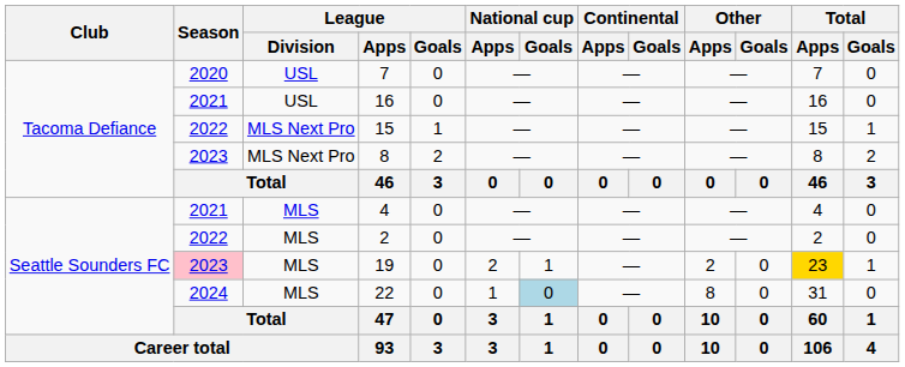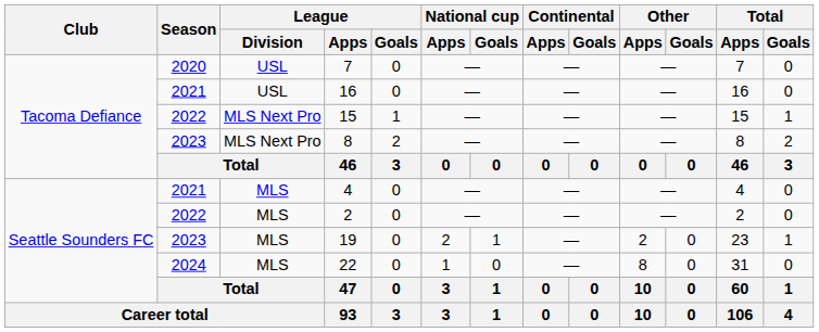 <table class="wikitable" style="text-align:center">
 <tr>
 <th rowspan="2">Club</th>
 <th rowspan="2">Season</th>
 <th colspan="3">League</th>
 <th colspan="2">National cup</th>
 <th colspan="2">Continental</th>
 <th colspan="2">Other</th>
 <th colspan="2">Total</th>
 </tr>
 <tr>
 <th>Division</th>
 <th>Apps</th>
 <th>Goals</th>
 <th>Apps</th>
 <th>Goals</th>
 <th>Apps</th>
 <th>Goals</th>
 <th>Apps</th>
 <th>Goals</th>
 <th>Apps</th>
 <th>Goals</th>
 </tr>
 <tr>
 <td rowspan="5"><a href='#'>Tacoma Defiance</a></td>
 <td><a href='#'>2020</a></td>
 <td><a href='#'>USL</a></td>
 <td>7</td>
 <td>0</td>
 <td colspan="2">—</td>
 <td colspan="2">—</td>
 <td colspan="2">—</td>
 <td>7</td>
 <td>0</td>
 </tr>
 <tr>
 <td><a href='#'>2021</a></td>
 <td>USL</td>
 <td>16</td>
 <td>0</td>
 <td colspan="2">—</td>
 <td colspan="2">—</td>
 <td colspan="2">—</td>
 <td>16</td>
 <td>0</td>
 </tr>
 <tr>
 <td><a href='#'>2022</a></td>
 <td><a href='#'>MLS Next Pro</a></td>
 <td>15</td>
 <td>1</td>
 <td colspan="2">—</td>
 <td colspan="2">—</td>
 <td colspan="2">—</td>
 <td>15</td>
 <td>1</td>
 </tr>
 <tr>
 <td><a href='#'>2023</a></td>
 <td>MLS Next Pro</td>
 <td>8</td>
 <td>2</td>
 <td colspan="2">—</td>
 <td colspan="2">—</td>
 <td colspan="2">—</td>
 <td>8</td>
 <td>2</td>
 </tr>
 <tr>
 <th colspan="2">Total</th>
 <th>46</th>
 <th>3</th>
 <th>0</th>
 <th>0</th>
 <th>0</th>
 <th>0</th>
 <th>0</th>
 <th>0</th>
 <th>46</th>
 <th>3</th>
 </tr>
 <tr>
 <td rowspan="5"><a href='#'>Seattle Sounders FC</a></td>
 <td><a href='#'>2021</a></td>
 <td><a href='#'>MLS</a></td>
 <td>4</td>
 <td>0</td>
 <td colspan="2">—</td>
 <td colspan="2">—</td>
 <td colspan="2">—</td>
 <td>4</td>
 <td>0</td>
 </tr>
 <tr>
 <td><a href='#'>2022</a></td>
 <td>MLS</td>
 <td>2</td>
 <td>0</td>
 <td colspan="2">—</td>
 <td colspan="2">—</td>
 <td colspan="2">—</td>
 <td>2</td>
 <td>0</td>
 </tr>
 <tr>
-<td style="background: pink;"><a href='#'>2023</a></td>
+<td><a href='#'>2023</a></td>
 <td>MLS</td>
 <td>19</td>
 <td>0</td>
 <td>2</td>
 <td>1</td>
 <td colspan="2">—</td>
 <td>2</td>
 <td>0</td>
-<td style="background: gold;">23</td>
+<td>23</td>
 <td>1</td>
 </tr>
 <tr>
 <td><a href='#'>2024</a></td>
 <td>MLS</td>
 <td>22</td>
 <td>0</td>
 <td>1</td>
-<td style="background: lightblue;">0</td>
+<td>0</td>
 <td colspan="2">—</td>
 <td>8</td>
 <td>0</td>
 <td>31</td>
 <td>0</td>
 </tr>
 <tr>
 <th colspan="2">Total</th>
 <th>47</th>
 <th>0</th>
 <th>3</th>
 <th>1</th>
 <th>0</th>
 <th>0</th>
 <th>10</th>
 <th>0</th>
 <th>60</th>
 <th>1</th>
 </tr>
 <tr>
 <th colspan="3">Career total</th>
 <th>93</th>
 <th>3</th>
 <th>3</th>
 <th>1</th>
 <th>0</th>
 <th>0</th>
 <th>10</th>
 <th>0</th>
 <th>106</th>
 <th>4</th>
 </tr>
 </table>
